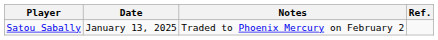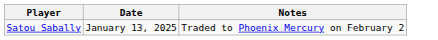 <table class="wikitable sortable sortable" style="text-align: center">
 <tr>
 <th>Player</th>
 <th>Date</th>
 <th>Notes</th>
-<th>Ref.</th>
 </tr>
 <tr>
 <td><a href='#'>Satou Sabally</a></td>
 <td>January 13, 2025</td>
 <td>Traded to <a href='#'>Phoenix Mercury</a> on February 2</td>
-<td></td>
 </tr>
 </table>
